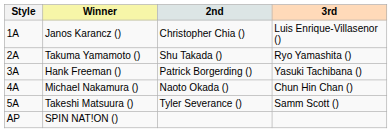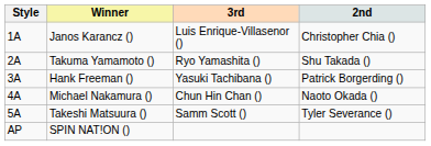 <table class="wikitable">
 <tr>
 <th style="background-color: width=5%">Style</th>
 <th style="background-color: #F7F6A8;" width=30%>Winner</th>
+<th style="background-color: #FFDAB9;" width=30%>3rd</th>
 <th style="background-color: #DCE5E5;" width=30%>2nd</th>
-<th style="background-color: #FFDAB9;" width=30%>3rd</th>
 </tr>
 <tr>
 <td>1A</td>
 <td>Janos Karancz ()</td>
+<td>Luis Enrique-Villasenor ()</td>
 <td>Christopher Chia ()</td>
-<td>Luis Enrique-Villasenor ()</td>
 </tr>
 <tr>
 <td>2A</td>
 <td>Takuma Yamamoto ()</td>
+<td>Ryo Yamashita ()</td>
 <td>Shu Takada ()</td>
-<td>Ryo Yamashita ()</td>
 </tr>
 <tr>
 <td>3A</td>
 <td>Hank Freeman ()</td>
+<td>Yasuki Tachibana ()</td>
 <td>Patrick Borgerding ()</td>
-<td>Yasuki Tachibana ()</td>
 </tr>
 <tr>
 <td>4A</td>
 <td>Michael Nakamura ()</td>
+<td>Chun Hin Chan ()</td>
 <td>Naoto Okada ()</td>
-<td>Chun Hin Chan ()</td>
 </tr>
 <tr>
 <td>5A</td>
 <td>Takeshi Matsuura ()</td>
+<td>Samm Scott ()</td>
 <td>Tyler Severance ()</td>
-<td>Samm Scott ()</td>
 </tr>
 <tr>
 <td>AP</td>
 <td>SPIN NAT!ON ()</td>
 <td></td>
 <td></td>
 </tr>
 </table>
